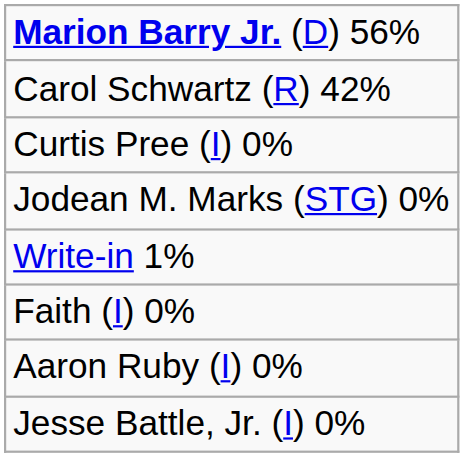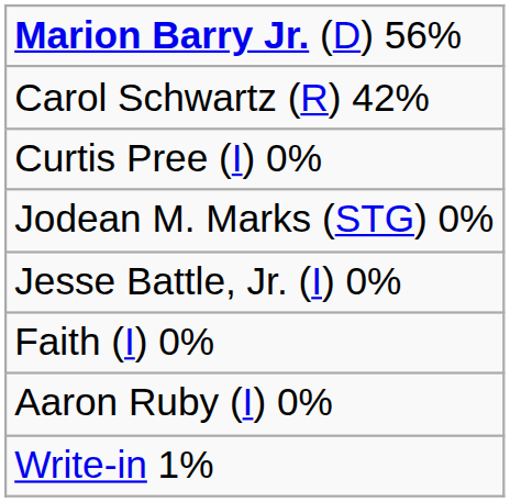 <table class="wikitable">
 <tr>
 <td><strong><a href='#'>Marion Barry Jr.</a></strong> (<a href='#'>D</a>) 56%</td>
 </tr>
 <tr>
 <td>Carol Schwartz (<a href='#'>R</a>) 42%</td>
 </tr>
 <tr>
 <td>Curtis Pree (<a href='#'>I</a>) 0%</td>
 </tr>
 <tr>
 <td>Jodean M. Marks (<a href='#'>STG</a>) 0%</td>
 </tr>
 <tr>
-<td><a href='#'>Write-in</a> 1%</td>
+<td>Jesse Battle, Jr. (<a href='#'>I</a>) 0%</td>
 </tr>
 <tr>
 <td>Faith (<a href='#'>I</a>) 0%</td>
 </tr>
 <tr>
 <td>Aaron Ruby (<a href='#'>I</a>) 0%</td>
 </tr>
 <tr>
-<td>Jesse Battle, Jr. (<a href='#'>I</a>) 0%</td>
+<td><a href='#'>Write-in</a> 1%</td>
 </tr>
 </table>
